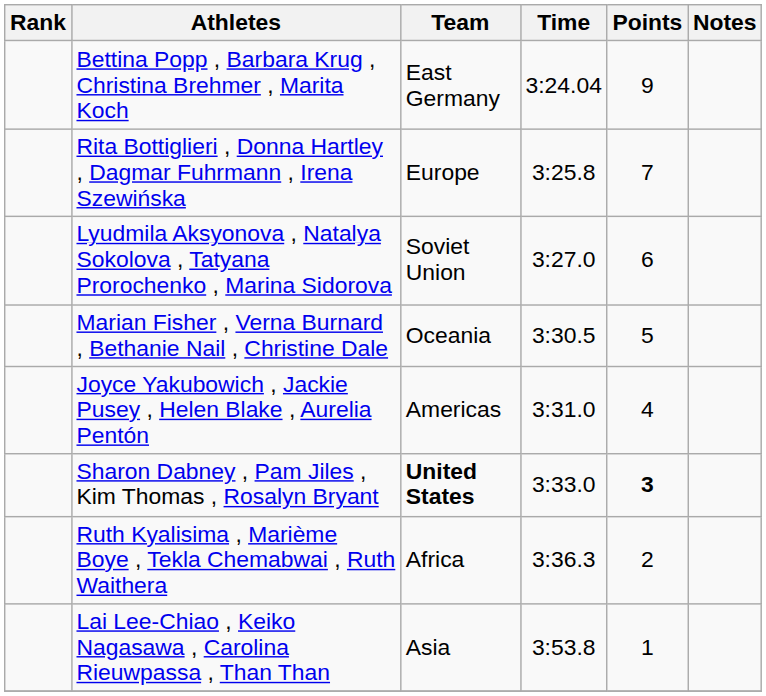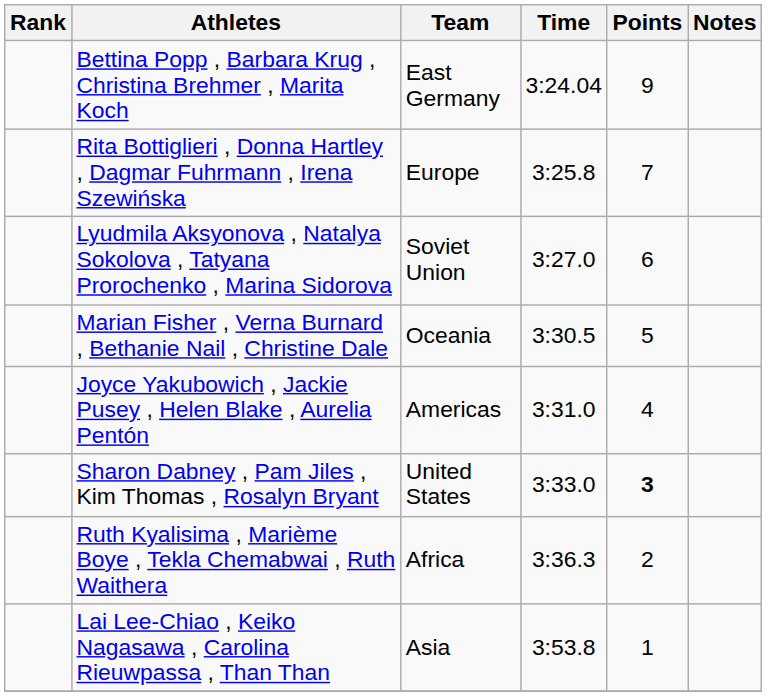 <table class="wikitable sortable" style="text-align:center" width="85%">
 <tr>
 <th>Rank</th>
 <th>Athletes</th>
 <th>Team</th>
 <th>Time</th>
 <th>Points</th>
 <th>Notes</th>
 </tr>
 <tr>
 <td></td>
 <td align="left"><a href='#'>Bettina Popp</a> , <a href='#'>Barbara Krug</a> , <a href='#'>Christina Brehmer</a> , <a href='#'>Marita Koch</a> </td>
 <td align=left>East Germany</td>
 <td>3:24.04</td>
 <td>9</td>
 <td></td>
 </tr>
 <tr>
 <td></td>
 <td align="left"><a href='#'>Rita Bottiglieri</a> , <a href='#'>Donna Hartley</a> , <a href='#'>Dagmar Fuhrmann</a> , <a href='#'>Irena Szewińska</a> </td>
 <td align=left>Europe</td>
 <td>3:25.8</td>
 <td>7</td>
 <td></td>
 </tr>
 <tr>
 <td></td>
 <td align="left"><a href='#'>Lyudmila Aksyonova</a> , <a href='#'>Natalya Sokolova</a> , <a href='#'>Tatyana Prorochenko</a> , <a href='#'>Marina Sidorova</a> </td>
 <td align=left>Soviet Union</td>
 <td>3:27.0</td>
 <td>6</td>
 <td></td>
 </tr>
 <tr>
 <td></td>
 <td align="left"><a href='#'>Marian Fisher</a> , <a href='#'>Verna Burnard</a> , <a href='#'>Bethanie Nail</a> ,  <a href='#'>Christine Dale</a> </td>
 <td align=left>Oceania</td>
 <td>3:30.5</td>
 <td>5</td>
 <td></td>
 </tr>
 <tr>
 <td></td>
 <td align="left"><a href='#'>Joyce Yakubowich</a> , <a href='#'>Jackie Pusey</a> , <a href='#'>Helen Blake</a> , <a href='#'>Aurelia Pentón</a> </td>
 <td align=left>Americas</td>
 <td>3:31.0</td>
 <td>4</td>
 <td></td>
 </tr>
 <tr>
 <td></td>
 <td align="left"><a href='#'>Sharon Dabney</a> , <a href='#'>Pam Jiles</a> , Kim Thomas , <a href='#'>Rosalyn Bryant</a> </td>
-<td align=left><strong>United States</strong></td>
+<td align=left>United States</td>
 <td>3:33.0</td>
 <td><strong>3</strong></td>
 <td></td>
 </tr>
 <tr>
 <td></td>
 <td align="left"><a href='#'>Ruth Kyalisima</a> , <a href='#'>Marième Boye</a> , <a href='#'>Tekla Chemabwai</a> , <a href='#'>Ruth Waithera</a> </td>
 <td align=left>Africa</td>
 <td>3:36.3</td>
 <td>2</td>
 <td></td>
 </tr>
 <tr>
 <td></td>
 <td align="left"><a href='#'>Lai Lee-Chiao</a> , <a href='#'>Keiko Nagasawa</a> , <a href='#'>Carolina Rieuwpassa</a> , <a href='#'>Than Than</a> </td>
 <td align=left>Asia</td>
 <td>3:53.8</td>
 <td>1</td>
 <td></td>
 </tr>
 <tr>
 </tr>
 </table>
